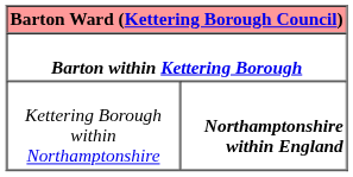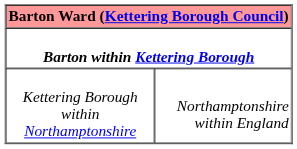 <table border=1 cellpadding="2" cellspacing="0" align="right" width=300>
 <tr>
 <th colspan=2 align=center bgcolor="#ff9999">Barton Ward (<a href='#'>Kettering Borough Council</a>)</th>
 </tr>
 <tr>
 <th colspan=2 alignn=center><br><em>Barton within <a href='#'>Kettering Borough</a></em></th>
 </tr>
 <tr>
 <td align=center><br><em>Kettering Borough within <a href='#'>Northamptonshire</a></em></td>
-<td align=right><strong><br><em>Northamptonshire within England</em></strong></td>
+<td align=right><br><em>Northamptonshire within England</em></td>
 </tr>
 </table>
